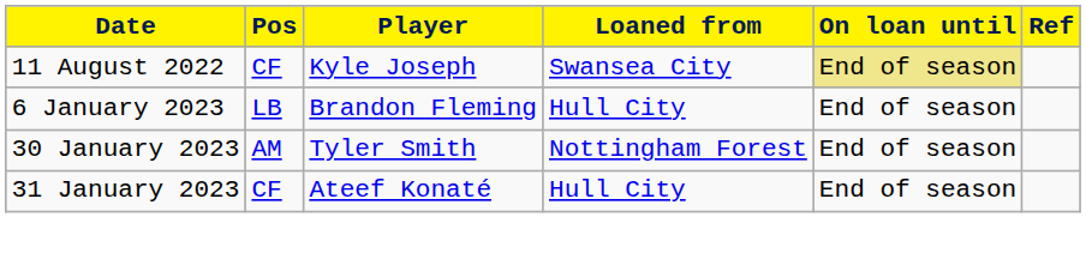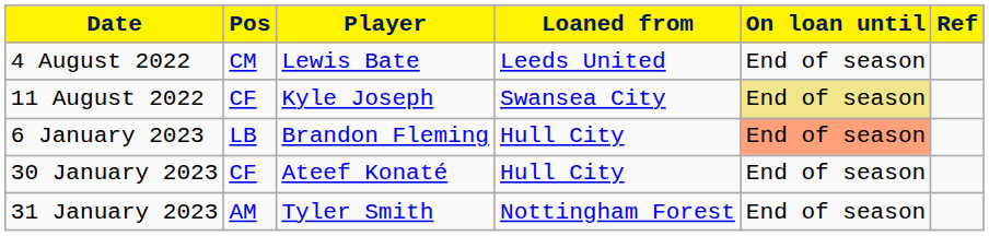 <table class="wikitable plainrowheaders sortable">
 <tr>
 <th style="background:#FFF300; color:#001958; ">Date</th>
 <th style="background:#FFF300; color:#001958; ">Pos</th>
 <th style="background:#FFF300; color:#001958; ">Player</th>
 <th style="background:#FFF300; color:#001958; ">Loaned from</th>
 <th style="background:#FFF300; color:#001958; ">On loan until</th>
 <th style="background:#FFF300; color:#001958; ">Ref</th>
+</tr>
+<tr>
+<td>4 August 2022</td>
+<td><a href='#'>CM</a></td>
+<td> <a href='#'>Lewis Bate</a></td>
+<td> <a href='#'>Leeds United</a></td>
+<td>End of season</td>
+<td></td>
 </tr>
 <tr>
 <td>11 August 2022</td>
 <td><a href='#'>CF</a></td>
 <td> <a href='#'>Kyle Joseph</a></td>
 <td> <a href='#'>Swansea City</a></td>
 <td style="background: khaki;">End of season</td>
 <td></td>
 </tr>
 <tr>
 <td>6 January 2023</td>
 <td><a href='#'>LB</a></td>
 <td> <a href='#'>Brandon Fleming</a></td>
 <td> <a href='#'>Hull City</a></td>
+<td style="background: lightsalmon;">End of season</td>
+<td></td>
+</tr>
+<tr>
+<td>30 January 2023</td>
+<td><a href='#'>CF</a></td>
+<td> <a href='#'>Ateef Konaté</a></td>
+<td> <a href='#'>Hull City</a></td>
 <td>End of season</td>
 <td></td>
 </tr>
 <tr>
-<td>30 January 2023</td>
+<td>31 January 2023</td>
 <td><a href='#'>AM</a></td>
 <td> <a href='#'>Tyler Smith</a></td>
 <td> <a href='#'>Nottingham Forest</a></td>
 <td>End of season</td>
 <td></td>
 </tr>
-<tr>
-<td>31 January 2023</td>
-<td><a href='#'>CF</a></td>
-<td> <a href='#'>Ateef Konaté</a></td>
-<td> <a href='#'>Hull City</a></td>
-<td>End of season</td>
-<td></td>
-</tr>
 </table>
